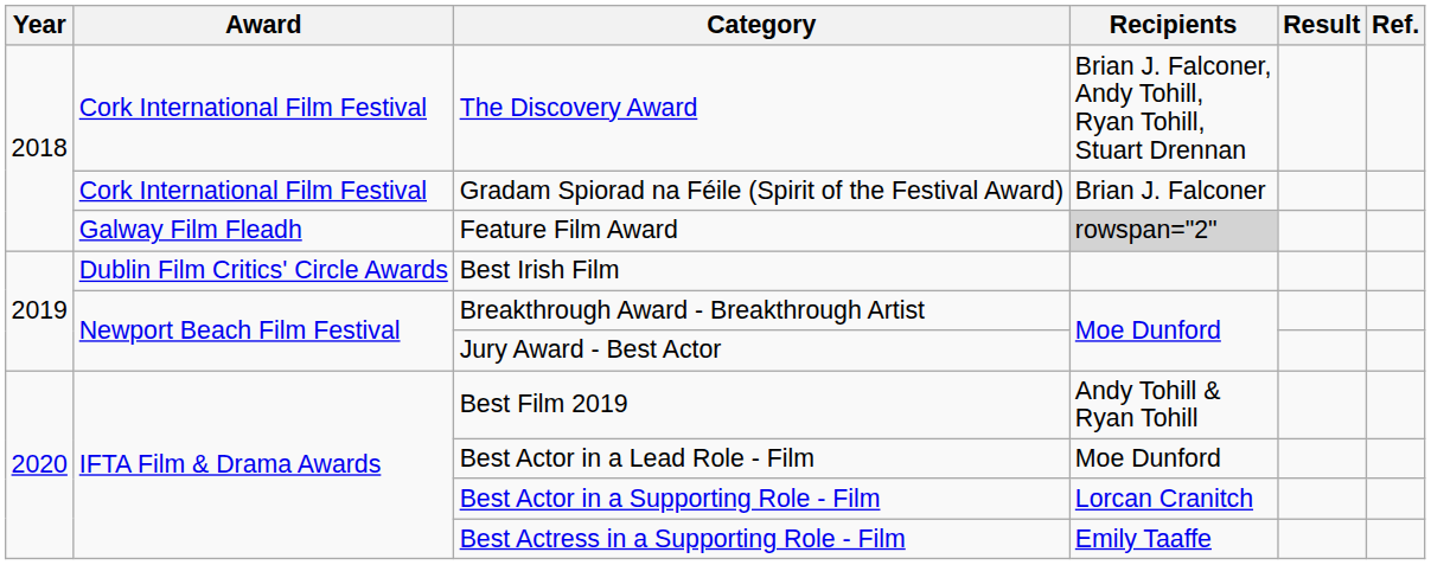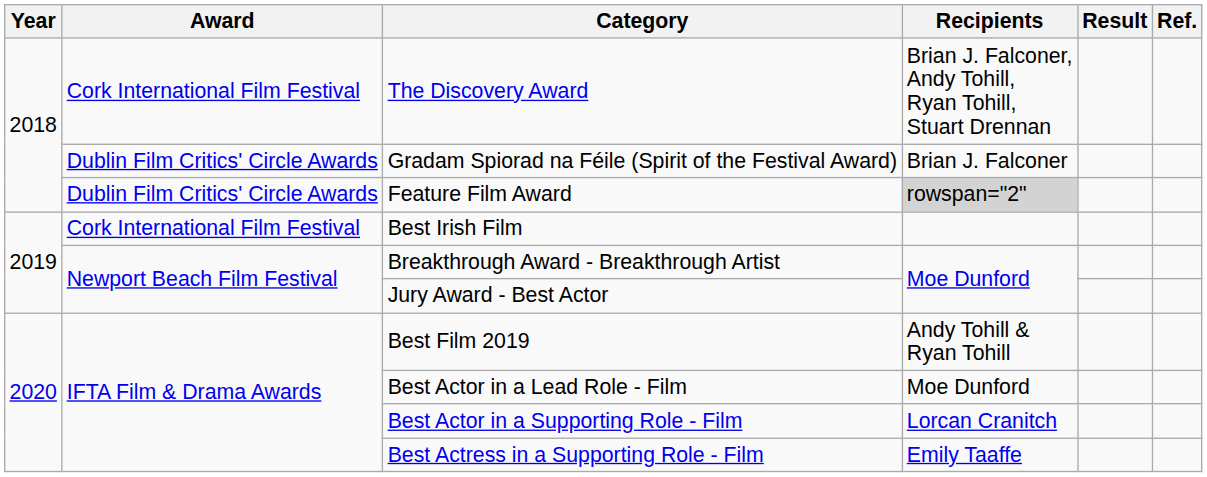 <table class="wikitable">
 <tr>
 <th>Year</th>
 <th>Award</th>
 <th>Category</th>
 <th>Recipients</th>
 <th>Result</th>
 <th>Ref.</th>
 </tr>
 <tr>
 <td rowspan="3">2018</td>
 <td><a href='#'>Cork International Film Festival</a></td>
 <td><a href='#'>The Discovery Award</a></td>
 <td>Brian J. Falconer,<br>Andy Tohill,<br>Ryan Tohill,<br>Stuart Drennan</td>
 <td></td>
 <td></td>
 </tr>
 <tr>
-<td><a href='#'>Cork International Film Festival</a></td>
+<td><a href='#'>Dublin Film Critics' Circle Awards</a></td>
 <td>Gradam Spiorad na Féile (Spirit of the Festival Award)</td>
 <td>Brian J. Falconer</td>
 <td></td>
 <td></td>
 </tr>
 <tr>
-<td><a href='#'>Galway Film Fleadh</a></td>
+<td><a href='#'>Dublin Film Critics' Circle Awards</a></td>
 <td>Feature Film Award</td>
 <td style="background: lightgrey;">rowspan="2" </td>
 <td></td>
 <td></td>
 </tr>
 <tr>
 <td rowspan="3">2019</td>
-<td><a href='#'>Dublin Film Critics' Circle Awards</a></td>
+<td><a href='#'>Cork International Film Festival</a></td>
 <td>Best Irish Film</td>
 <td></td>
 <td></td>
 </tr>
 <tr>
 <td rowspan="2"><a href='#'>Newport Beach Film Festival</a></td>
 <td>Breakthrough Award - Breakthrough Artist</td>
 <td rowspan="2"><a href='#'>Moe Dunford</a></td>
 <td></td>
 <td></td>
 </tr>
 <tr>
 <td>Jury Award - Best Actor</td>
 <td></td>
 <td></td>
 </tr>
 <tr>
 <td rowspan="4"><a href='#'>2020</a></td>
 <td rowspan="4"><a href='#'>IFTA Film & Drama Awards</a></td>
 <td>Best Film 2019</td>
 <td>Andy Tohill &<br>Ryan Tohill</td>
 <td></td>
 <td></td>
 </tr>
 <tr>
 <td>Best Actor in a Lead Role - Film</td>
 <td>Moe Dunford</td>
 <td></td>
 <td></td>
 </tr>
 <tr>
 <td><a href='#'>Best Actor in a Supporting Role - Film</a></td>
 <td><a href='#'>Lorcan Cranitch</a></td>
 <td></td>
 <td></td>
 </tr>
 <tr>
 <td><a href='#'>Best Actress in a Supporting Role - Film</a></td>
 <td><a href='#'>Emily Taaffe</a></td>
 <td></td>
 <td></td>
 </tr>
 </table>
